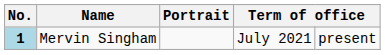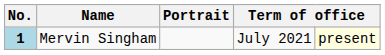 <table class="wikitable" style="text-align:center">
 <tr>
 <th>No.</th>
 <th>Name</th>
 <th>Portrait</th>
 <th colspan=2>Term of office</th>
 </tr>
 <tr>
 <td align=center style="background: lightblue;"><strong>1</strong></td>
 <td>Mervin Singham</td>
 <td></td>
 <td>July 2021</td>
-<td>present</td>
+<td style="background: lightyellow;">present</td>
 </tr>
 </table>
